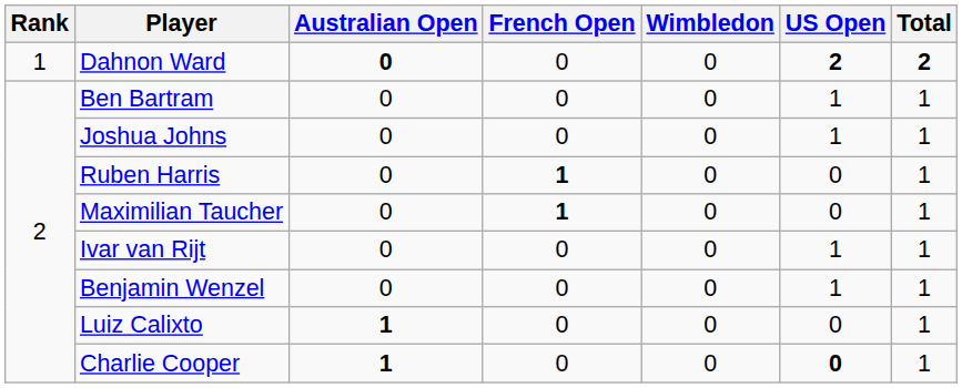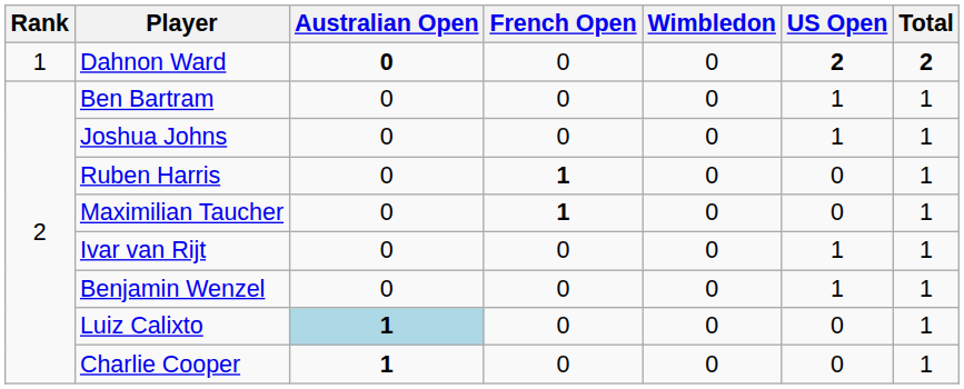 <table class="wikitable sortable" style="text-align:center">
 <tr>
 <th align="center">Rank</th>
 <th align="center">Player</th>
 <th align="center"><a href='#'>Australian Open</a></th>
 <th align="center"><a href='#'>French Open</a></th>
 <th align="center"><a href='#'>Wimbledon</a></th>
 <th align="center"><a href='#'>US Open</a></th>
 <th align="center">Total</th>
 </tr>
 <tr>
 <td>1</td>
 <td style="text-align:left;" data-sort-value=""> <a href='#'>Dahnon Ward</a></td>
 <td><strong>0</strong></td>
 <td>0</td>
 <td>0</td>
 <td><strong>2</strong></td>
 <td><strong>2</strong></td>
 </tr>
 <tr>
 <td rowspan="8">2</td>
 <td style="text-align:left;" data-sort-value=""> <a href='#'>Ben Bartram</a></td>
 <td>0</td>
 <td>0</td>
 <td>0</td>
 <td>1</td>
 <td>1</td>
 </tr>
 <tr>
 <td style="text-align:left;" data-sort-value=""> <a href='#'>Joshua Johns</a></td>
 <td>0</td>
 <td>0</td>
 <td>0</td>
 <td>1</td>
 <td>1</td>
 </tr>
 <tr>
 <td style="text-align:left;" data-sort-value=""> <a href='#'>Ruben Harris</a></td>
 <td>0</td>
 <td><strong>1</strong></td>
 <td>0</td>
 <td>0</td>
 <td>1</td>
 </tr>
 <tr>
 <td style="text-align:left;" data-sort-value=""> <a href='#'>Maximilian Taucher</a></td>
 <td>0</td>
 <td><strong>1</strong></td>
 <td>0</td>
 <td>0</td>
 <td>1</td>
 </tr>
 <tr>
 <td style="text-align:left;" data-sort-value=""> <a href='#'>Ivar van Rijt</a></td>
 <td>0</td>
 <td>0</td>
 <td>0</td>
 <td>1</td>
 <td>1</td>
 </tr>
 <tr>
 <td style="text-align:left;" data-sort-value=""> <a href='#'>Benjamin Wenzel</a></td>
 <td>0</td>
 <td>0</td>
 <td>0</td>
 <td>1</td>
 <td>1</td>
 </tr>
 <tr>
 <td style="text-align:left;" data-sort-value=""> <a href='#'>Luiz Calixto</a></td>
-<td><strong>1</strong></td>
+<td style="background: lightblue;"><strong>1</strong></td>
 <td>0</td>
 <td>0</td>
 <td>0</td>
 <td>1</td>
 </tr>
 <tr>
 <td style="text-align:left;" data-sort-value=""> <a href='#'>Charlie Cooper</a></td>
 <td><strong>1</strong></td>
 <td>0</td>
 <td>0</td>
-<td><strong>0</strong></td>
+<td>0</td>
 <td>1</td>
 </tr>
 </table>
